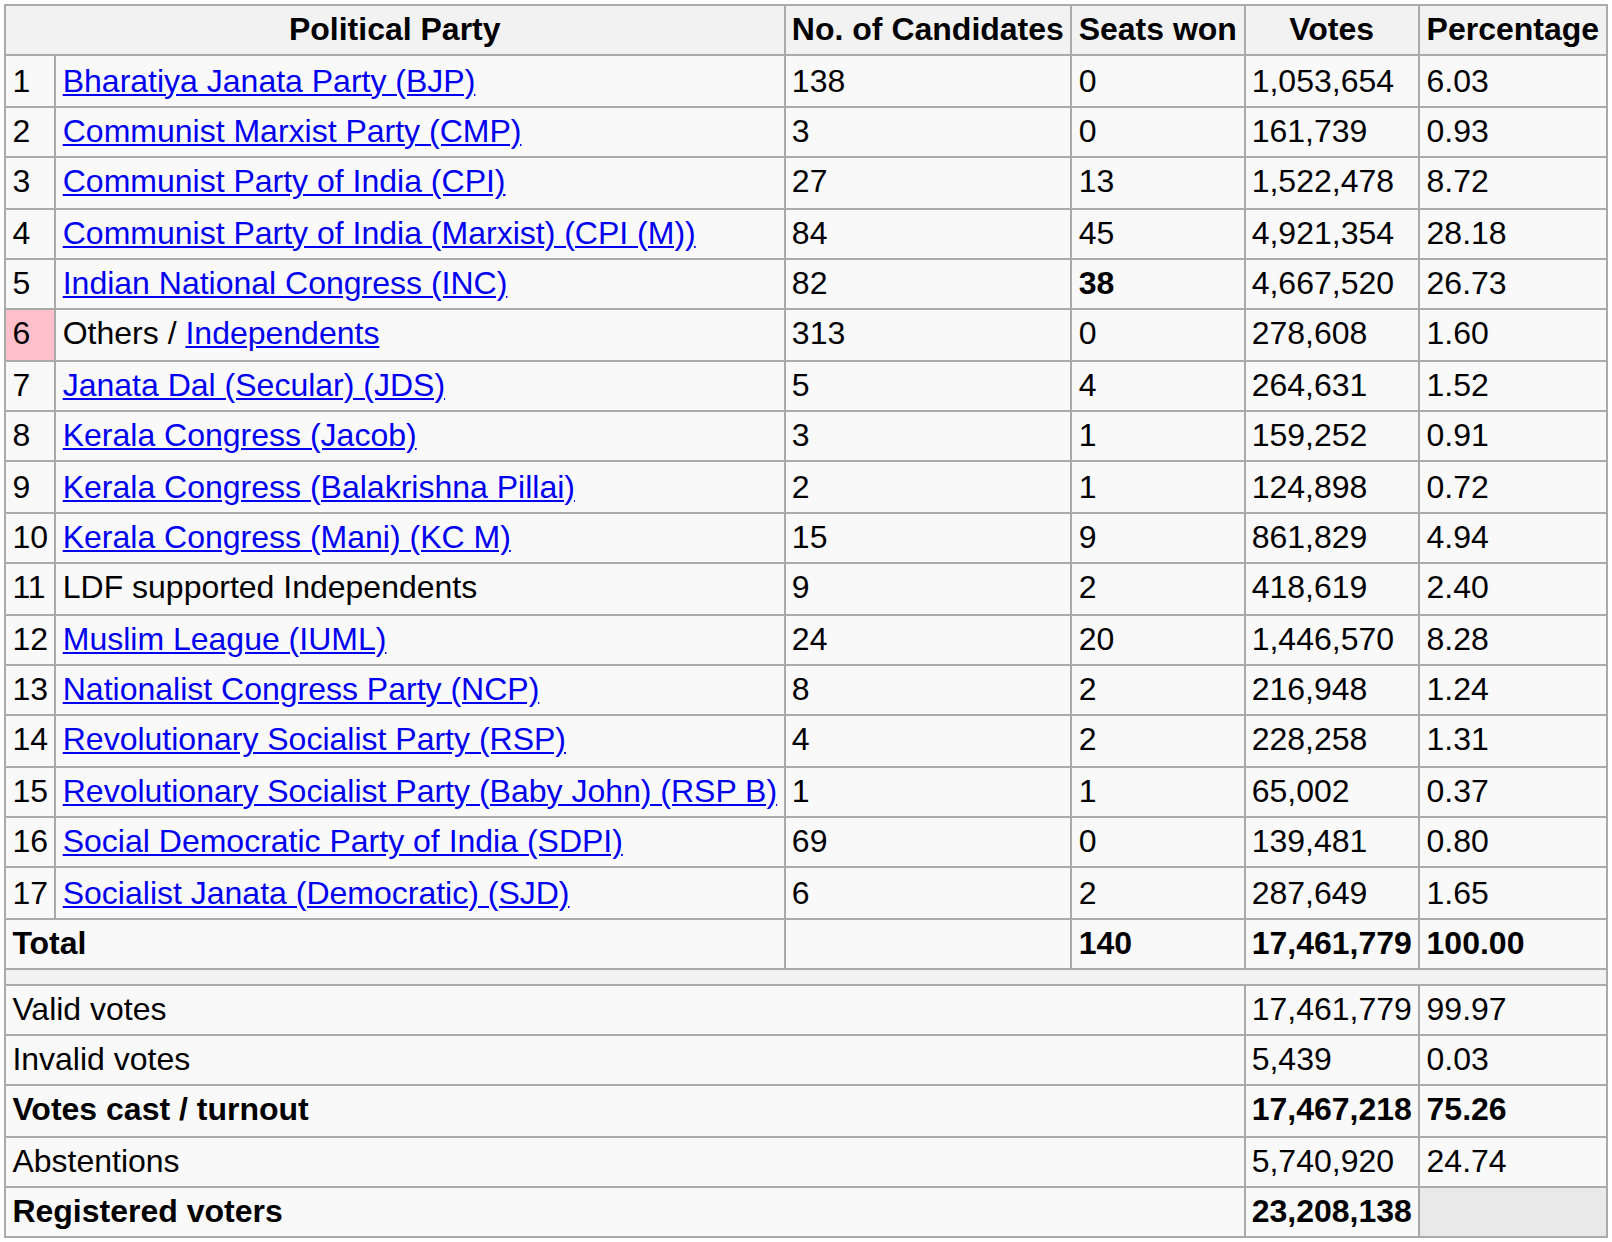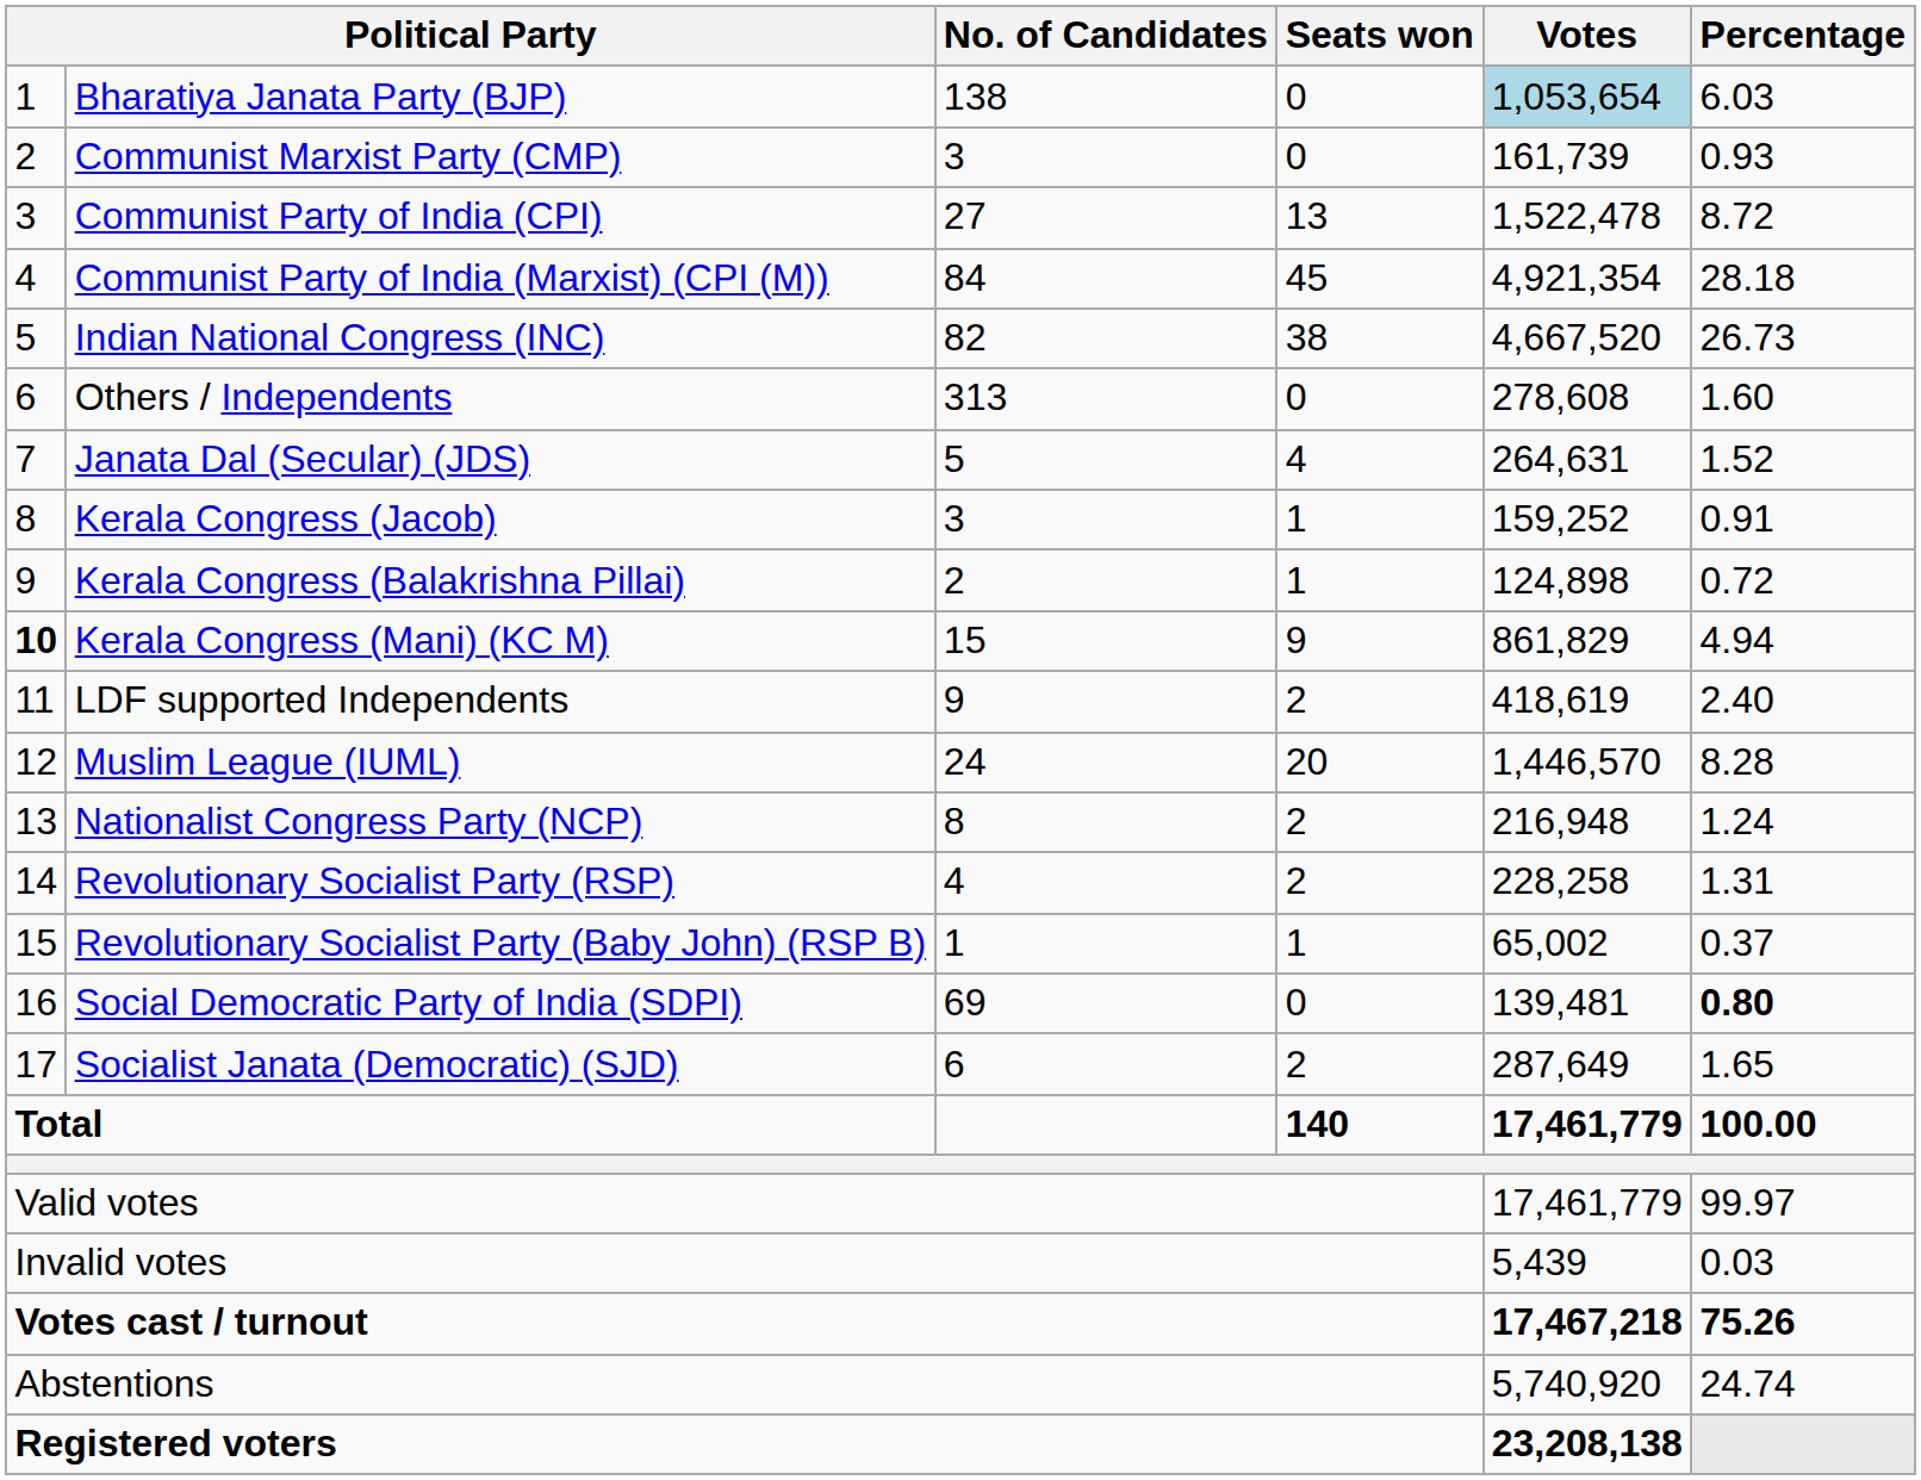 <table class="wikitable sortable collapsible">
 <tr>
 <th scope="col"  colspan='2'>Political Party</th>
 <th scope="col" class="unsortable">No. of Candidates</th>
 <th scope="col">Seats won</th>
 <th scope="col">Votes</th>
 <th scope="col">Percentage</th>
 </tr>
 <tr>
 <td>1</td>
 <td><a href='#'>Bharatiya Janata Party (BJP)</a></td>
 <td>138</td>
 <td>0</td>
-<td>1,053,654</td>
+<td style="background: lightblue;">1,053,654</td>
 <td>6.03</td>
 </tr>
 <tr>
 <td>2</td>
 <td><a href='#'>Communist Marxist Party (CMP)</a></td>
 <td>3</td>
 <td>0</td>
 <td>161,739</td>
 <td>0.93</td>
 </tr>
 <tr>
 <td>3</td>
 <td><a href='#'>Communist Party of India (CPI)</a></td>
 <td>27</td>
 <td>13</td>
 <td>1,522,478</td>
 <td>8.72</td>
 </tr>
 <tr>
 <td>4</td>
 <td><a href='#'>Communist Party of India (Marxist) (CPI (M))</a></td>
 <td>84</td>
 <td>45</td>
 <td>4,921,354</td>
 <td>28.18</td>
 </tr>
 <tr>
 <td>5</td>
 <td><a href='#'>Indian National Congress (INC)</a></td>
 <td>82</td>
-<td><strong>38</strong></td>
+<td>38</td>
 <td>4,667,520</td>
 <td>26.73</td>
 </tr>
 <tr>
-<td style="background: pink;">6</td>
+<td>6</td>
 <td>Others / <a href='#'>Independents</a></td>
 <td>313</td>
 <td>0</td>
 <td>278,608</td>
 <td>1.60</td>
 </tr>
 <tr>
 <td>7</td>
 <td><a href='#'>Janata Dal (Secular) (JDS)</a></td>
 <td>5</td>
 <td>4</td>
 <td>264,631</td>
 <td>1.52</td>
 </tr>
 <tr>
 <td>8</td>
 <td><a href='#'>Kerala Congress (Jacob)</a></td>
 <td>3</td>
 <td>1</td>
 <td>159,252</td>
 <td>0.91</td>
 </tr>
 <tr>
 <td>9</td>
 <td><a href='#'>Kerala Congress (Balakrishna Pillai)</a></td>
 <td>2</td>
 <td>1</td>
 <td>124,898</td>
 <td>0.72</td>
 </tr>
 <tr>
-<td>10</td>
+<td><strong>10</strong></td>
 <td><a href='#'>Kerala Congress (Mani) (KC M)</a></td>
 <td>15</td>
 <td>9</td>
 <td>861,829</td>
 <td>4.94</td>
 </tr>
 <tr>
 <td>11</td>
 <td>LDF supported Independents</td>
 <td>9</td>
 <td>2</td>
 <td>418,619</td>
 <td>2.40</td>
 </tr>
 <tr>
 <td>12</td>
 <td><a href='#'>Muslim League (IUML)</a></td>
 <td>24</td>
 <td>20</td>
 <td>1,446,570</td>
 <td>8.28</td>
 </tr>
 <tr>
 <td>13</td>
 <td><a href='#'>Nationalist Congress Party (NCP)</a></td>
 <td>8</td>
 <td>2</td>
 <td>216,948</td>
 <td>1.24</td>
 </tr>
 <tr>
 <td>14</td>
 <td><a href='#'>Revolutionary Socialist Party (RSP)</a></td>
 <td>4</td>
 <td>2</td>
 <td>228,258</td>
 <td>1.31</td>
 </tr>
 <tr>
 <td>15</td>
 <td><a href='#'>Revolutionary Socialist Party (Baby John) (RSP B)</a></td>
 <td>1</td>
 <td>1</td>
 <td>65,002</td>
 <td>0.37</td>
 </tr>
 <tr>
 <td>16</td>
 <td><a href='#'>Social Democratic Party of India (SDPI)</a></td>
 <td>69</td>
 <td>0</td>
 <td>139,481</td>
-<td>0.80</td>
+<td><strong>0.80</strong></td>
 </tr>
 <tr>
 <td>17</td>
 <td><a href='#'>Socialist Janata (Democratic) (SJD)</a></td>
 <td>6</td>
 <td>2</td>
 <td>287,649</td>
 <td>1.65</td>
 </tr>
 <tr>
 <td colspan="2"><strong>Total</strong></td>
 <td><strong> </strong></td>
 <td><strong>140</strong></td>
 <td><strong>17,461,779</strong></td>
 <td><strong>100.00</strong></td>
 </tr>
 <tr>
 <th colspan="9"></th>
 </tr>
 <tr>
 <td style="text-align:left;" colspan="4">Valid votes</td>
 <td align="left">17,461,779</td>
 <td align="left">99.97</td>
 </tr>
 <tr>
 <td style="text-align:left;" colspan="4">Invalid votes</td>
 <td align="left">5,439</td>
 <td align="left">0.03</td>
 </tr>
 <tr>
 <td style="text-align:left;" colspan="4"><strong>Votes cast / turnout</strong></td>
 <td align="left"><strong>17,467,218</strong></td>
 <td align="left"><strong>75.26</strong></td>
 </tr>
 <tr>
 <td style="text-align:left;" colspan="4">Abstentions</td>
 <td align="left">5,740,920</td>
 <td align="left">24.74</td>
 </tr>
 <tr>
 <td style="text-align:left;" colspan="4"><strong>Registered voters</strong></td>
 <td align="left"><strong>23,208,138</strong></td>
 <td colspan="1" style="background-color:#E9E9E9"></td>
 </tr>
 <tr>
 </tr>
 </table>
